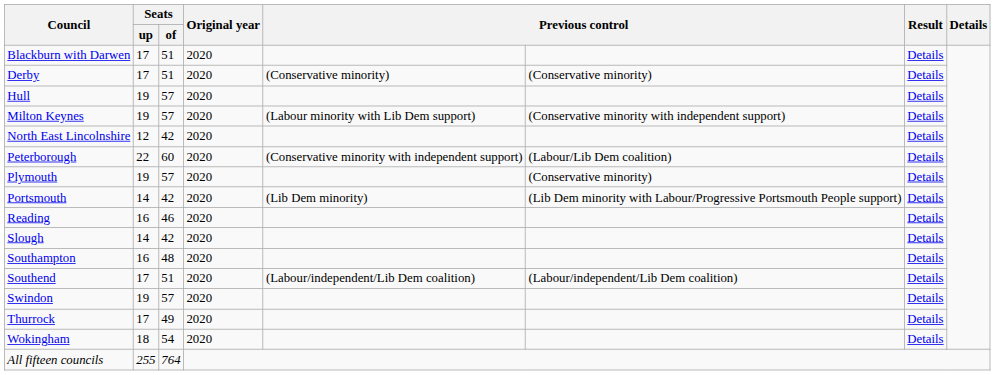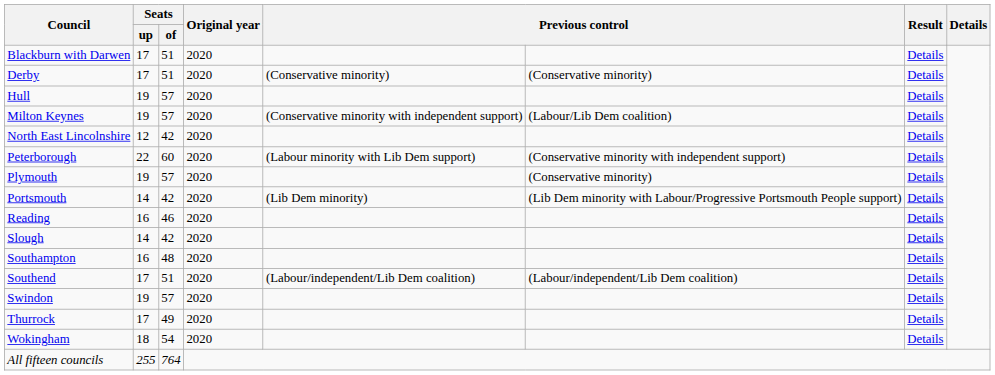 <table class="wikitable sortable">
 <tr>
 <th rowspan="2">Council</th>
 <th colspan="2">Seats</th>
 <th rowspan="2">Original year</th>
 <th colspan="2" rowspan="2">Previous control</th>
 <th colspan="2" rowspan="2">Result</th>
 <th rowspan="2">Details</th>
 </tr>
 <tr>
 <th>up</th>
 <th>of</th>
 </tr>
 <tr>
 <td><a href='#'>Blackburn with Darwen</a></td>
 <td>17</td>
 <td>51</td>
 <td>2020</td>
 <td></td>
 <td></td>
 <td><a href='#'>Details</a></td>
 </tr>
 <tr>
 <td><a href='#'>Derby</a></td>
 <td>17</td>
 <td>51</td>
 <td>2020</td>
 <td> (Conservative minority)</td>
 <td> (Conservative minority)</td>
 <td><a href='#'>Details</a></td>
 </tr>
 <tr>
 <td><a href='#'>Hull</a></td>
 <td>19</td>
 <td>57</td>
 <td>2020</td>
 <td></td>
 <td></td>
 <td><a href='#'>Details</a></td>
 </tr>
 <tr>
 <td><a href='#'>Milton Keynes</a></td>
 <td>19</td>
 <td>57</td>
 <td>2020</td>
-<td> (Labour minority with Lib Dem support)</td>
 <td> (Conservative minority with independent support)</td>
+<td> (Labour/Lib Dem coalition)</td>
 <td><a href='#'>Details</a></td>
 </tr>
 <tr>
 <td><a href='#'>North East Lincolnshire</a></td>
 <td>12</td>
 <td>42</td>
 <td>2020</td>
 <td></td>
 <td></td>
 <td><a href='#'>Details</a></td>
 </tr>
 <tr>
 <td><a href='#'>Peterborough</a></td>
 <td>22</td>
 <td>60</td>
 <td>2020</td>
+<td> (Labour minority with Lib Dem support)</td>
 <td> (Conservative minority with independent support)</td>
-<td> (Labour/Lib Dem coalition)</td>
 <td><a href='#'>Details</a></td>
 </tr>
 <tr>
 <td><a href='#'>Plymouth</a></td>
 <td>19</td>
 <td>57</td>
 <td>2020</td>
 <td></td>
 <td> (Conservative minority)</td>
 <td><a href='#'>Details</a></td>
 </tr>
 <tr>
 <td><a href='#'>Portsmouth</a></td>
 <td>14</td>
 <td>42</td>
 <td>2020</td>
 <td> (Lib Dem minority)</td>
 <td> (Lib Dem minority with Labour/Progressive Portsmouth People support)</td>
 <td><a href='#'>Details</a></td>
 </tr>
 <tr>
 <td><a href='#'>Reading</a></td>
 <td>16</td>
 <td>46</td>
 <td>2020</td>
 <td></td>
 <td></td>
 <td><a href='#'>Details</a></td>
 </tr>
 <tr>
 <td><a href='#'>Slough</a></td>
 <td>14</td>
 <td>42</td>
 <td>2020</td>
 <td></td>
 <td></td>
 <td><a href='#'>Details</a></td>
 </tr>
 <tr>
 <td><a href='#'>Southampton</a></td>
 <td>16</td>
 <td>48</td>
 <td>2020</td>
 <td></td>
 <td></td>
 <td><a href='#'>Details</a></td>
 </tr>
 <tr>
 <td><a href='#'>Southend</a></td>
 <td>17</td>
 <td>51</td>
 <td>2020</td>
 <td> (Labour/independent/Lib Dem coalition)</td>
 <td> (Labour/independent/Lib Dem coalition)</td>
 <td><a href='#'>Details</a></td>
 </tr>
 <tr>
 <td><a href='#'>Swindon</a></td>
 <td>19</td>
 <td>57</td>
 <td>2020</td>
 <td></td>
 <td></td>
 <td><a href='#'>Details</a></td>
 </tr>
 <tr>
 <td><a href='#'>Thurrock</a></td>
 <td>17</td>
 <td>49</td>
 <td>2020</td>
 <td></td>
 <td></td>
 <td><a href='#'>Details</a></td>
 </tr>
 <tr>
 <td><a href='#'>Wokingham</a></td>
 <td>18</td>
 <td>54</td>
 <td>2020</td>
 <td></td>
 <td></td>
 <td><a href='#'>Details</a></td>
 </tr>
 <tr>
 <td><em>All fifteen councils</em></td>
 <td><em>255</em></td>
 <td><em>764</em></td>
 <td colspan="6"></td>
 </tr>
 </table>
